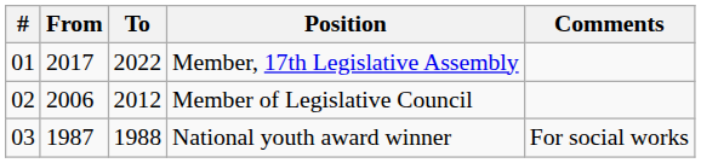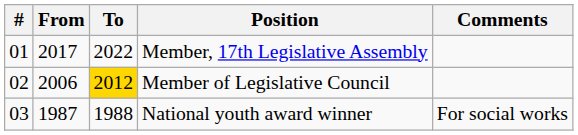 <table class="wikitable sortable">
 <tr>
 <th>#</th>
 <th>From</th>
 <th>To</th>
 <th>Position</th>
 <th>Comments</th>
 </tr>
 <tr>
 <td>01</td>
 <td>2017</td>
 <td>2022</td>
 <td>Member, <a href='#'>17th Legislative Assembly</a></td>
 <td></td>
 </tr>
 <tr>
 <td>02</td>
 <td>2006</td>
-<td>2012</td>
+<td style="background: gold;">2012</td>
 <td>Member of Legislative Council</td>
 </tr>
 <tr>
 <td>03</td>
 <td>1987</td>
 <td>1988</td>
 <td>National youth award winner</td>
 <td>For social works</td>
 </tr>
 </table>
